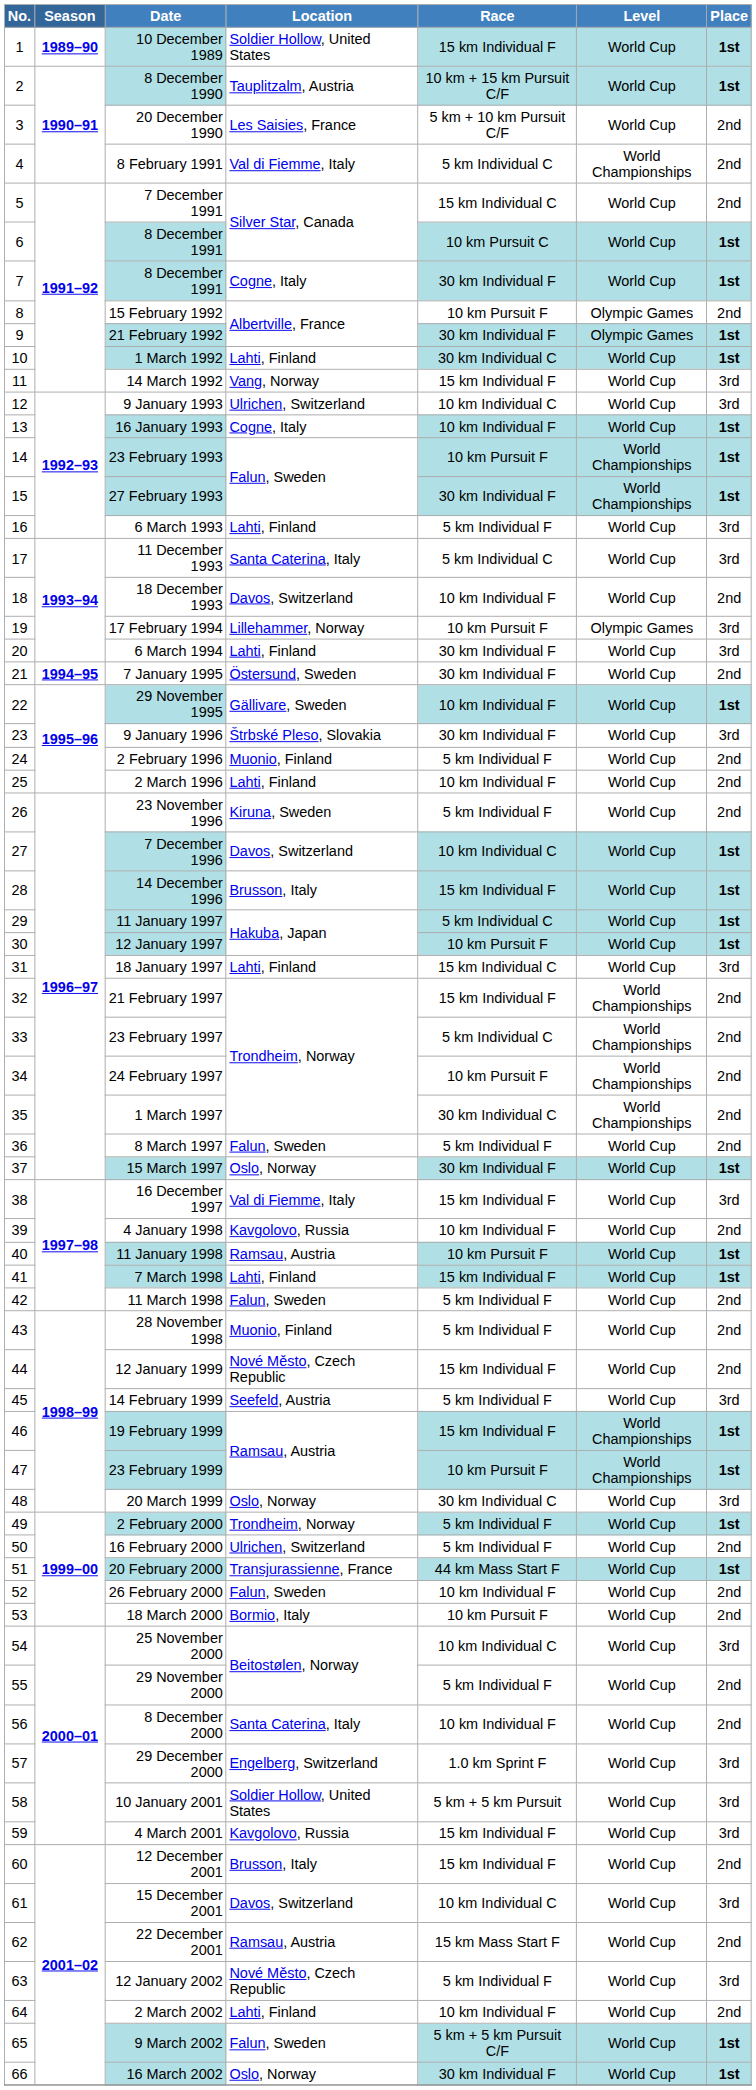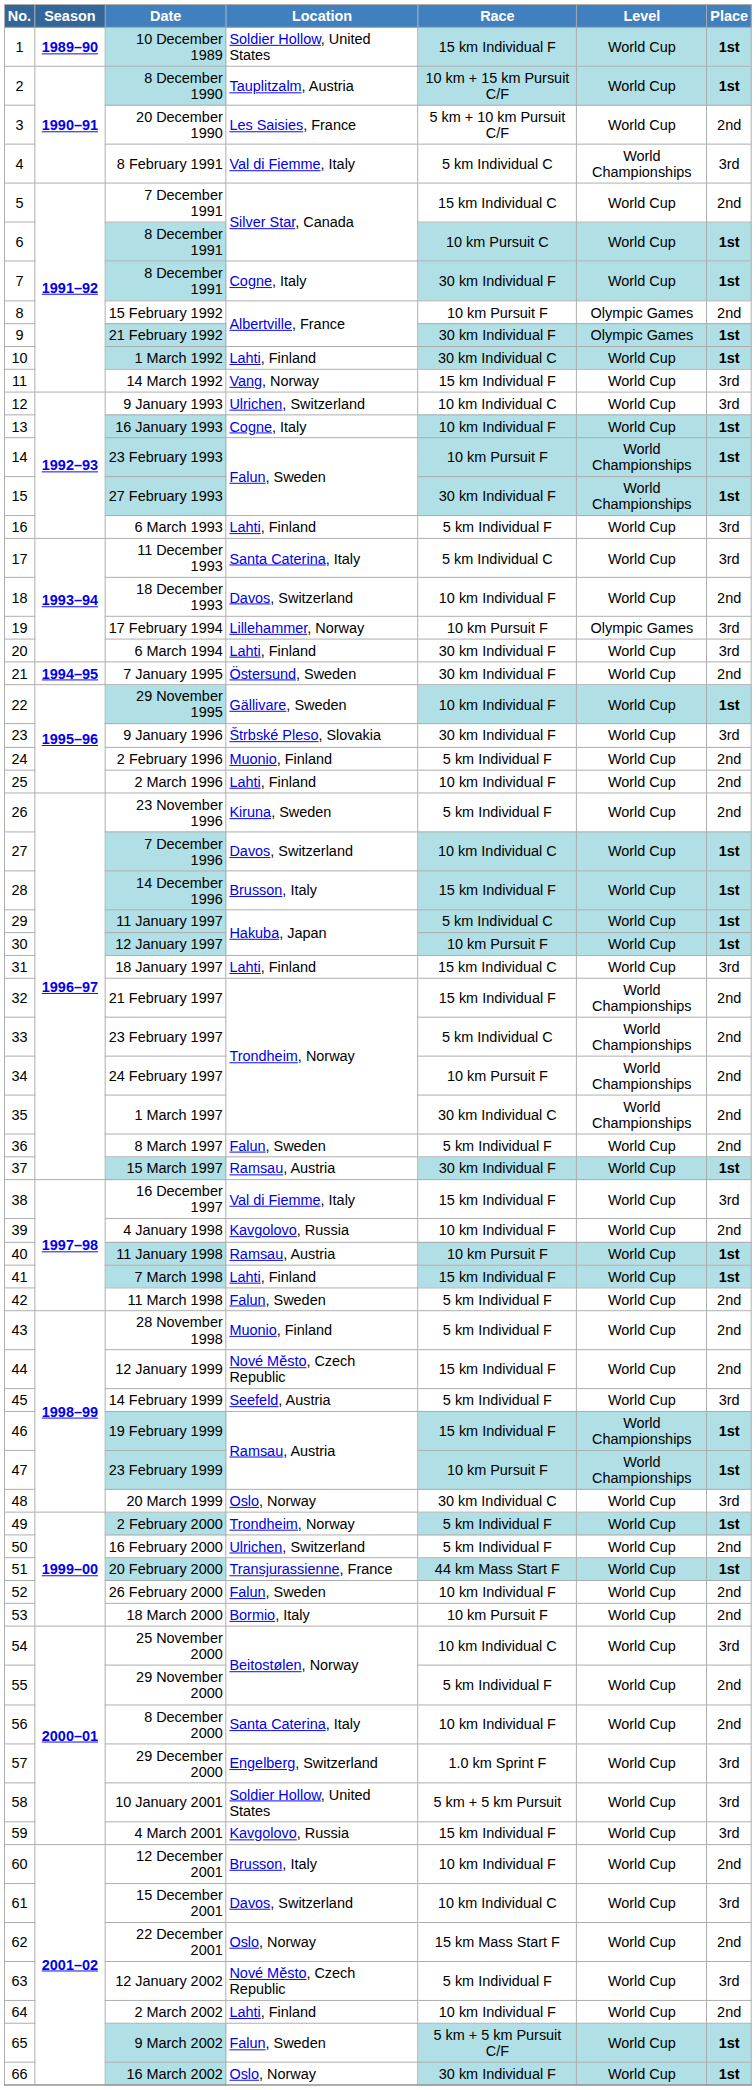 <table class="wikitable sortable" style="font-size:95%; text-align:center; border:grey solid 1px; border-collapse:collapse; background:#ffffff;">
 <tr style="background:#efefef;">
 <th style="background-color:#369; color:white;">No.</th>
 <th style="background-color:#369; color:white;">Season</th>
 <th style="background-color:#4180be; color:white; width:120px;">Date</th>
 <th style="background-color:#4180be; color:white; width:195px;">Location</th>
 <th style="background-color:#4180be; color:white; width:160px;">Race</th>
 <th style="background-color:#4180be; color:white; width:130px;">Level</th>
 <th style="background-color:#4180be; color:white;">Place</th>
 </tr>
 <tr>
 <td align=center>1</td>
 <td rowspan=1 align=center><strong><a href='#'>1989–90</a></strong></td>
 <td bgcolor="#BOEOE6" align=right>10 December 1989</td>
 <td align=left> <a href='#'>Soldier Hollow</a>, United States</td>
 <td bgcolor="#BOEOE6">15 km Individual F</td>
 <td bgcolor="#BOEOE6">World Cup</td>
 <td bgcolor="#BOEOE6"><strong>1st</strong></td>
 </tr>
 <tr>
 <td align=center>2</td>
 <td rowspan=3 align=center><strong><a href='#'>1990–91</a></strong></td>
 <td bgcolor="#BOEOE6" align=right>8 December 1990</td>
 <td align=left> <a href='#'>Tauplitzalm</a>, Austria</td>
 <td bgcolor="#BOEOE6">10 km + 15 km Pursuit C/F</td>
 <td bgcolor="#BOEOE6">World Cup</td>
 <td bgcolor="#BOEOE6"><strong>1st</strong></td>
 </tr>
 <tr>
 <td align=center>3</td>
 <td align=right>20 December 1990</td>
 <td align=left> <a href='#'>Les Saisies</a>, France</td>
 <td>5 km + 10 km Pursuit C/F</td>
 <td>World Cup</td>
 <td>2nd</td>
 </tr>
 <tr>
 <td align=center>4</td>
 <td align=right>8 February 1991</td>
 <td align=left> <a href='#'>Val di Fiemme</a>, Italy</td>
 <td>5 km Individual C</td>
 <td>World Championships</td>
-<td>2nd</td>
+<td>3rd</td>
 </tr>
 <tr>
 <td align=center>5</td>
 <td rowspan=7 align=center><strong> <a href='#'>1991–92</a> </strong></td>
 <td align=right>7 December 1991</td>
 <td rowspan=2 align=left> <a href='#'>Silver Star</a>, Canada</td>
 <td>15 km Individual C</td>
 <td>World Cup</td>
 <td>2nd</td>
 </tr>
 <tr>
 <td align=center>6</td>
 <td bgcolor="#BOEOE6" align=right>8 December 1991</td>
 <td bgcolor="#BOEOE6">10 km Pursuit C</td>
 <td bgcolor="#BOEOE6">World Cup</td>
 <td bgcolor="#BOEOE6"><strong>1st</strong></td>
 </tr>
 <tr>
 <td align=center>7</td>
 <td bgcolor="#BOEOE6" align=right>8 December 1991</td>
 <td align=left> <a href='#'>Cogne</a>, Italy</td>
 <td bgcolor="#BOEOE6">30 km Individual F</td>
 <td bgcolor="#BOEOE6">World Cup</td>
 <td bgcolor="#BOEOE6"><strong>1st</strong></td>
 </tr>
 <tr>
 <td align=center>8</td>
 <td align=right>15 February 1992</td>
 <td rowspan=2 align=left> <a href='#'>Albertville</a>, France</td>
 <td>10 km Pursuit F</td>
 <td>Olympic Games</td>
 <td>2nd</td>
 </tr>
 <tr>
 <td align=center>9</td>
 <td bgcolor="#BOEOE6" align=right>21 February 1992</td>
 <td bgcolor="#BOEOE6">30 km Individual F</td>
 <td bgcolor="#BOEOE6">Olympic Games</td>
 <td bgcolor="#BOEOE6"><strong>1st</strong></td>
 </tr>
 <tr>
 <td align=center>10</td>
 <td bgcolor="#BOEOE6" align=right>1 March 1992</td>
 <td align=left> <a href='#'>Lahti</a>, Finland</td>
 <td bgcolor="#BOEOE6">30 km Individual C</td>
 <td bgcolor="#BOEOE6">World Cup</td>
 <td bgcolor="#BOEOE6"><strong>1st</strong></td>
 </tr>
 <tr>
 <td align=center>11</td>
 <td align=right>14 March 1992</td>
 <td align=left> <a href='#'>Vang</a>, Norway</td>
 <td>15 km Individual F</td>
 <td>World Cup</td>
 <td>3rd</td>
 </tr>
 <tr>
 <td align=center>12</td>
 <td rowspan=5 align=center><strong> <a href='#'>1992–93</a> </strong></td>
 <td align=right>9 January 1993</td>
 <td align=left> <a href='#'>Ulrichen</a>, Switzerland</td>
 <td>10 km Individual C</td>
 <td>World Cup</td>
 <td>3rd</td>
 </tr>
 <tr>
 <td align=center>13</td>
 <td bgcolor="#BOEOE6" align=right>16 January 1993</td>
 <td align=left> <a href='#'>Cogne</a>, Italy</td>
 <td bgcolor="#BOEOE6">10 km Individual F</td>
 <td bgcolor="#BOEOE6">World Cup</td>
 <td bgcolor="#BOEOE6"><strong>1st</strong></td>
 </tr>
 <tr>
 <td align=center>14</td>
 <td bgcolor="#BOEOE6" align=right>23 February 1993</td>
 <td rowspan=2 align=left> <a href='#'>Falun</a>, Sweden</td>
 <td bgcolor="#BOEOE6">10 km Pursuit F</td>
 <td bgcolor="#BOEOE6">World Championships</td>
 <td bgcolor="#BOEOE6"><strong>1st</strong></td>
 </tr>
 <tr>
 <td align=center>15</td>
 <td bgcolor="#BOEOE6" align=right>27 February 1993</td>
 <td bgcolor="#BOEOE6">30 km Individual F</td>
 <td bgcolor="#BOEOE6">World Championships</td>
 <td bgcolor="#BOEOE6"><strong>1st</strong></td>
 </tr>
 <tr>
 <td align=center>16</td>
 <td align=right>6 March 1993</td>
 <td align=left> <a href='#'>Lahti</a>, Finland</td>
 <td>5 km Individual F</td>
 <td>World Cup</td>
 <td>3rd</td>
 </tr>
 <tr>
 <td align=center>17</td>
 <td rowspan=4 align=center><strong> <a href='#'>1993–94</a> </strong></td>
 <td align=right>11 December 1993</td>
 <td align=left> <a href='#'>Santa Caterina</a>, Italy</td>
 <td>5 km Individual C</td>
 <td>World Cup</td>
 <td>3rd</td>
 </tr>
 <tr>
 <td align=center>18</td>
 <td align=right>18 December 1993</td>
 <td align=left> <a href='#'>Davos</a>, Switzerland</td>
 <td>10 km Individual F</td>
 <td>World Cup</td>
 <td>2nd</td>
 </tr>
 <tr>
 <td align=center>19</td>
 <td align=right>17 February 1994</td>
 <td align=left> <a href='#'>Lillehammer</a>, Norway</td>
 <td>10 km Pursuit F</td>
 <td>Olympic Games</td>
 <td>3rd</td>
 </tr>
 <tr>
 <td align=center>20</td>
 <td align=right>6 March 1994</td>
 <td align=left> <a href='#'>Lahti</a>, Finland</td>
 <td>30 km Individual F</td>
 <td>World Cup</td>
 <td>3rd</td>
 </tr>
 <tr>
 <td align=center>21</td>
 <td rowspan=1 align=center><strong> <a href='#'>1994–95</a> </strong></td>
 <td align=right>7 January 1995</td>
 <td align=left> <a href='#'>Östersund</a>, Sweden</td>
 <td>30 km Individual F</td>
 <td>World Cup</td>
 <td>2nd</td>
 </tr>
 <tr>
 <td align=center>22</td>
 <td rowspan=4 align=center><strong><a href='#'>1995–96</a></strong></td>
 <td bgcolor="#BOEOE6" align=right>29 November 1995</td>
 <td align=left> <a href='#'>Gällivare</a>, Sweden</td>
 <td bgcolor="#BOEOE6">10 km Individual F</td>
 <td bgcolor="#BOEOE6">World Cup</td>
 <td bgcolor="#BOEOE6"><strong>1st</strong></td>
 </tr>
 <tr>
 <td align=center>23</td>
 <td align=right>9 January 1996</td>
 <td align=left> <a href='#'>Štrbské Pleso</a>, Slovakia</td>
 <td>30 km Individual F</td>
 <td>World Cup</td>
 <td>3rd</td>
 </tr>
 <tr>
 <td align=center>24</td>
 <td align=right>2 February 1996</td>
 <td align=left> <a href='#'>Muonio</a>, Finland</td>
 <td>5 km Individual F</td>
 <td>World Cup</td>
 <td>2nd</td>
 </tr>
 <tr>
 <td align=center>25</td>
 <td align=right>2 March 1996</td>
 <td align=left> <a href='#'>Lahti</a>, Finland</td>
 <td>10 km Individual F</td>
 <td>World Cup</td>
 <td>2nd</td>
 </tr>
 <tr>
 <td align=center>26</td>
 <td rowspan=12 align=center><strong> <a href='#'>1996–97</a> </strong></td>
 <td align=right>23 November 1996</td>
 <td align=left> <a href='#'>Kiruna</a>, Sweden</td>
 <td>5 km Individual F</td>
 <td>World Cup</td>
 <td>2nd</td>
 </tr>
 <tr>
 <td align=center>27</td>
 <td bgcolor="#BOEOE6" align=right>7 December 1996</td>
 <td align=left> <a href='#'>Davos</a>, Switzerland</td>
 <td bgcolor="#BOEOE6">10 km Individual C</td>
 <td bgcolor="#BOEOE6">World Cup</td>
 <td bgcolor="#BOEOE6"><strong>1st</strong></td>
 </tr>
 <tr>
 <td align=center>28</td>
 <td bgcolor="#BOEOE6" align=right>14 December 1996</td>
 <td align=left> <a href='#'>Brusson</a>, Italy</td>
 <td bgcolor="#BOEOE6">15 km Individual F</td>
 <td bgcolor="#BOEOE6">World Cup</td>
 <td bgcolor="#BOEOE6"><strong>1st</strong></td>
 </tr>
 <tr>
 <td align=center>29</td>
 <td bgcolor="#BOEOE6" align=right>11 January 1997</td>
 <td rowspan=2 align=left> <a href='#'>Hakuba</a>, Japan</td>
 <td bgcolor="#BOEOE6">5 km Individual C</td>
 <td bgcolor="#BOEOE6">World Cup</td>
 <td bgcolor="#BOEOE6"><strong>1st</strong></td>
 </tr>
 <tr>
 <td align=center>30</td>
 <td bgcolor="#BOEOE6" align=right>12 January 1997</td>
 <td bgcolor="#BOEOE6">10 km Pursuit F</td>
 <td bgcolor="#BOEOE6">World Cup</td>
 <td bgcolor="#BOEOE6"><strong>1st</strong></td>
 </tr>
 <tr>
 <td align=center>31</td>
 <td align=right>18 January 1997</td>
 <td align=left> <a href='#'>Lahti</a>, Finland</td>
 <td>15 km Individual C</td>
 <td>World Cup</td>
 <td>3rd</td>
 </tr>
 <tr>
 <td align=center>32</td>
 <td align=right>21 February 1997</td>
 <td rowspan=4 align=left> <a href='#'>Trondheim</a>, Norway</td>
 <td>15 km Individual F</td>
 <td>World Championships</td>
 <td>2nd</td>
 </tr>
 <tr>
 <td align=center>33</td>
 <td align=right>23 February 1997</td>
 <td>5 km Individual C</td>
 <td>World Championships</td>
 <td>2nd</td>
 </tr>
 <tr>
 <td align=center>34</td>
 <td align=right>24 February 1997</td>
 <td>10 km Pursuit F</td>
 <td>World Championships</td>
 <td>2nd</td>
 </tr>
 <tr>
 <td align=center>35</td>
 <td align=right>1 March 1997</td>
 <td>30 km Individual C</td>
 <td>World Championships</td>
 <td>2nd</td>
 </tr>
 <tr>
 <td align=center>36</td>
 <td align=right>8 March 1997</td>
 <td align=left> <a href='#'>Falun</a>, Sweden</td>
 <td>5 km Individual F</td>
 <td>World Cup</td>
 <td>2nd</td>
 </tr>
 <tr>
 <td align=center>37</td>
 <td bgcolor="#BOEOE6" align=right>15 March 1997</td>
-<td align=left> <a href='#'>Oslo</a>, Norway</td>
+<td align=left> <a href='#'>Ramsau</a>, Austria</td>
 <td bgcolor="#BOEOE6">30 km Individual F</td>
 <td bgcolor="#BOEOE6">World Cup</td>
 <td bgcolor="#BOEOE6"><strong>1st</strong></td>
 </tr>
 <tr>
 <td align=center>38</td>
 <td rowspan=5 align=center><strong> <a href='#'>1997–98</a> </strong></td>
 <td align=right>16 December 1997</td>
 <td align=left> <a href='#'>Val di Fiemme</a>, Italy</td>
 <td>15 km Individual F</td>
 <td>World Cup</td>
 <td>3rd</td>
 </tr>
 <tr>
 <td align=center>39</td>
 <td align=right>4 January 1998</td>
 <td align=left> <a href='#'>Kavgolovo</a>, Russia</td>
 <td>10 km Individual F</td>
 <td>World Cup</td>
 <td>2nd</td>
 </tr>
 <tr>
 <td align=center>40</td>
 <td bgcolor="#BOEOE6" align=right>11 January 1998</td>
 <td align=left> <a href='#'>Ramsau</a>, Austria</td>
 <td bgcolor="#BOEOE6">10 km Pursuit F</td>
 <td bgcolor="#BOEOE6">World Cup</td>
 <td bgcolor="#BOEOE6"><strong>1st</strong></td>
 </tr>
 <tr>
 <td align=center>41</td>
 <td bgcolor="#BOEOE6" align=right>7 March 1998</td>
 <td align=left> <a href='#'>Lahti</a>, Finland</td>
 <td bgcolor="#BOEOE6">15 km Individual F</td>
 <td bgcolor="#BOEOE6">World Cup</td>
 <td bgcolor="#BOEOE6"><strong>1st</strong></td>
 </tr>
 <tr>
 <td align=center>42</td>
 <td align=right>11 March 1998</td>
 <td align=left> <a href='#'>Falun</a>, Sweden</td>
 <td>5 km Individual F</td>
 <td>World Cup</td>
 <td>2nd</td>
 </tr>
 <tr>
 <td align=center>43</td>
 <td rowspan=6 align=center><strong> <a href='#'>1998–99</a> </strong></td>
 <td align=right>28 November 1998</td>
 <td align=left> <a href='#'>Muonio</a>, Finland</td>
 <td>5 km Individual F</td>
 <td>World Cup</td>
 <td>2nd</td>
 </tr>
 <tr>
 <td align=center>44</td>
 <td align=right>12 January 1999</td>
 <td align=left> <a href='#'>Nové Město</a>, Czech Republic</td>
 <td>15 km Individual F</td>
 <td>World Cup</td>
 <td>2nd</td>
 </tr>
 <tr>
 <td align=center>45</td>
 <td align=right>14 February 1999</td>
 <td align=left> <a href='#'>Seefeld</a>, Austria</td>
 <td>5 km Individual F</td>
 <td>World Cup</td>
 <td>3rd</td>
 </tr>
 <tr>
 <td align=center>46</td>
 <td bgcolor="#BOEOE6" align=right>19 February 1999</td>
 <td rowspan=2 align=left> <a href='#'>Ramsau</a>, Austria</td>
 <td bgcolor="#BOEOE6">15 km Individual F</td>
 <td bgcolor="#BOEOE6">World Championships</td>
 <td bgcolor="#BOEOE6"><strong>1st</strong></td>
 </tr>
 <tr>
 <td align=center>47</td>
 <td bgcolor="#BOEOE6" align=right>23 February 1999</td>
 <td bgcolor="#BOEOE6">10 km Pursuit F</td>
 <td bgcolor="#BOEOE6">World Championships</td>
 <td bgcolor="#BOEOE6"><strong>1st</strong></td>
 </tr>
 <tr>
 <td align=center>48</td>
 <td align=right>20 March 1999</td>
 <td align=left> <a href='#'>Oslo</a>, Norway</td>
 <td>30 km Individual C</td>
 <td>World Cup</td>
 <td>3rd</td>
 </tr>
 <tr>
 <td align=center>49</td>
 <td rowspan=5 align=center><strong><a href='#'>1999–00</a></strong></td>
 <td bgcolor="#BOEOE6" align=right>2 February 2000</td>
 <td align=left> <a href='#'>Trondheim</a>, Norway</td>
 <td bgcolor="#BOEOE6">5 km Individual F</td>
 <td bgcolor="#BOEOE6">World Cup</td>
 <td bgcolor="#BOEOE6"><strong>1st</strong></td>
 </tr>
 <tr>
 <td align=center>50</td>
 <td align=right>16 February 2000</td>
 <td align=left> <a href='#'>Ulrichen</a>, Switzerland</td>
 <td>5 km Individual F</td>
 <td>World Cup</td>
 <td>2nd</td>
 </tr>
 <tr>
 <td align=center>51</td>
 <td bgcolor="#BOEOE6" align=right>20 February 2000</td>
 <td align=left> <a href='#'>Transjurassienne</a>, France</td>
 <td bgcolor="#BOEOE6">44 km Mass Start F</td>
 <td bgcolor="#BOEOE6">World Cup</td>
 <td bgcolor="#BOEOE6"><strong>1st</strong></td>
 </tr>
 <tr>
 <td align=center>52</td>
 <td align=right>26 February 2000</td>
 <td align=left> <a href='#'>Falun</a>, Sweden</td>
 <td>10 km Individual F</td>
 <td>World Cup</td>
 <td>2nd</td>
 </tr>
 <tr>
 <td align=center>53</td>
 <td align=right>18 March 2000</td>
 <td align=left> <a href='#'>Bormio</a>, Italy</td>
 <td>10 km Pursuit F</td>
 <td>World Cup</td>
 <td>2nd</td>
 </tr>
 <tr>
 <td align=center>54</td>
 <td rowspan=6 align=center><strong> <a href='#'>2000–01</a> </strong></td>
 <td align=right>25 November 2000</td>
 <td rowspan=2 align=left> <a href='#'>Beitostølen</a>, Norway</td>
 <td>10 km Individual C</td>
 <td>World Cup</td>
 <td>3rd</td>
 </tr>
 <tr>
 <td align=center>55</td>
 <td align=right>29 November 2000</td>
 <td>5 km Individual F</td>
 <td>World Cup</td>
 <td>2nd</td>
 </tr>
 <tr>
 <td align=center>56</td>
 <td align=right>8 December 2000</td>
 <td align=left> <a href='#'>Santa Caterina</a>, Italy</td>
 <td>10 km Individual F</td>
 <td>World Cup</td>
 <td>2nd</td>
 </tr>
 <tr>
 <td align=center>57</td>
 <td align=right>29 December 2000</td>
 <td align=left> <a href='#'>Engelberg</a>, Switzerland</td>
 <td>1.0 km Sprint F</td>
 <td>World Cup</td>
 <td>3rd</td>
 </tr>
 <tr>
 <td align=center>58</td>
 <td align=right>10 January 2001</td>
 <td align=left> <a href='#'>Soldier Hollow</a>, United States</td>
 <td>5 km + 5 km Pursuit</td>
 <td>World Cup</td>
 <td>3rd</td>
 </tr>
 <tr>
 <td align=center>59</td>
 <td align=right>4 March 2001</td>
 <td align=left> <a href='#'>Kavgolovo</a>, Russia</td>
 <td>15 km Individual F</td>
 <td>World Cup</td>
 <td>3rd</td>
 </tr>
 <tr>
 <td align=center>60</td>
 <td rowspan=7 align=center><strong> <a href='#'>2001–02</a> </strong></td>
 <td align=right>12 December 2001</td>
 <td align=left> <a href='#'>Brusson</a>, Italy</td>
-<td>15 km Individual F</td>
+<td>10 km Individual F</td>
 <td>World Cup</td>
 <td>2nd</td>
 </tr>
 <tr>
 <td align=center>61</td>
 <td align=right>15 December 2001</td>
 <td align=left> <a href='#'>Davos</a>, Switzerland</td>
 <td>10 km Individual C</td>
 <td>World Cup</td>
 <td>3rd</td>
 </tr>
 <tr>
 <td align=center>62</td>
 <td align=right>22 December 2001</td>
-<td align=left> <a href='#'>Ramsau</a>, Austria</td>
+<td align=left> <a href='#'>Oslo</a>, Norway</td>
 <td>15 km Mass Start F</td>
 <td>World Cup</td>
 <td>2nd</td>
 </tr>
 <tr>
 <td align=center>63</td>
 <td align=right>12 January 2002</td>
 <td align=left> <a href='#'>Nové Město</a>, Czech Republic</td>
 <td>5 km Individual F</td>
 <td>World Cup</td>
 <td>3rd</td>
 </tr>
 <tr>
 <td align=center>64</td>
 <td align=right>2 March 2002</td>
 <td align=left> <a href='#'>Lahti</a>, Finland</td>
 <td>10 km Individual F</td>
 <td>World Cup</td>
 <td>2nd</td>
 </tr>
 <tr>
 <td align=center>65</td>
 <td bgcolor="#BOEOE6" align=right>9 March 2002</td>
 <td align=left> <a href='#'>Falun</a>, Sweden</td>
 <td bgcolor="#BOEOE6">5 km + 5 km Pursuit C/F</td>
 <td bgcolor="#BOEOE6">World Cup</td>
 <td bgcolor="#BOEOE6"><strong>1st</strong></td>
 </tr>
 <tr>
 <td align=center>66</td>
 <td bgcolor="#BOEOE6" align=right>16 March 2002</td>
 <td align=left> <a href='#'>Oslo</a>, Norway</td>
 <td bgcolor="#BOEOE6">30 km Individual F</td>
 <td bgcolor="#BOEOE6">World Cup</td>
 <td bgcolor="#BOEOE6"><strong>1st</strong></td>
 </tr>
 <tr>
 </tr>
 </table>
